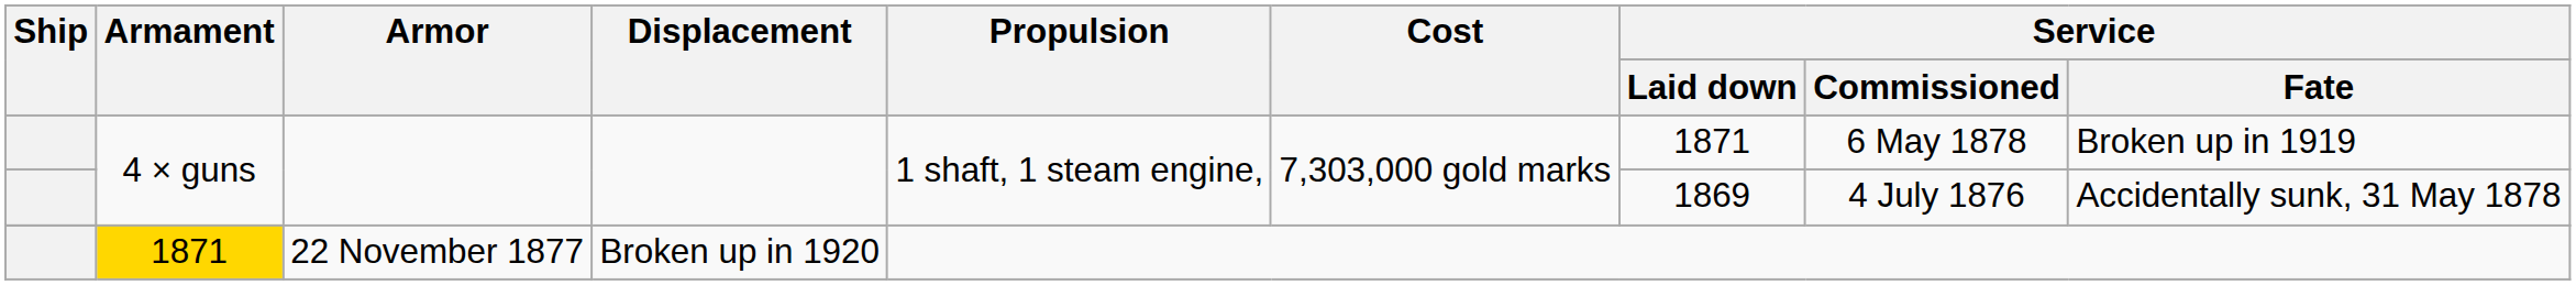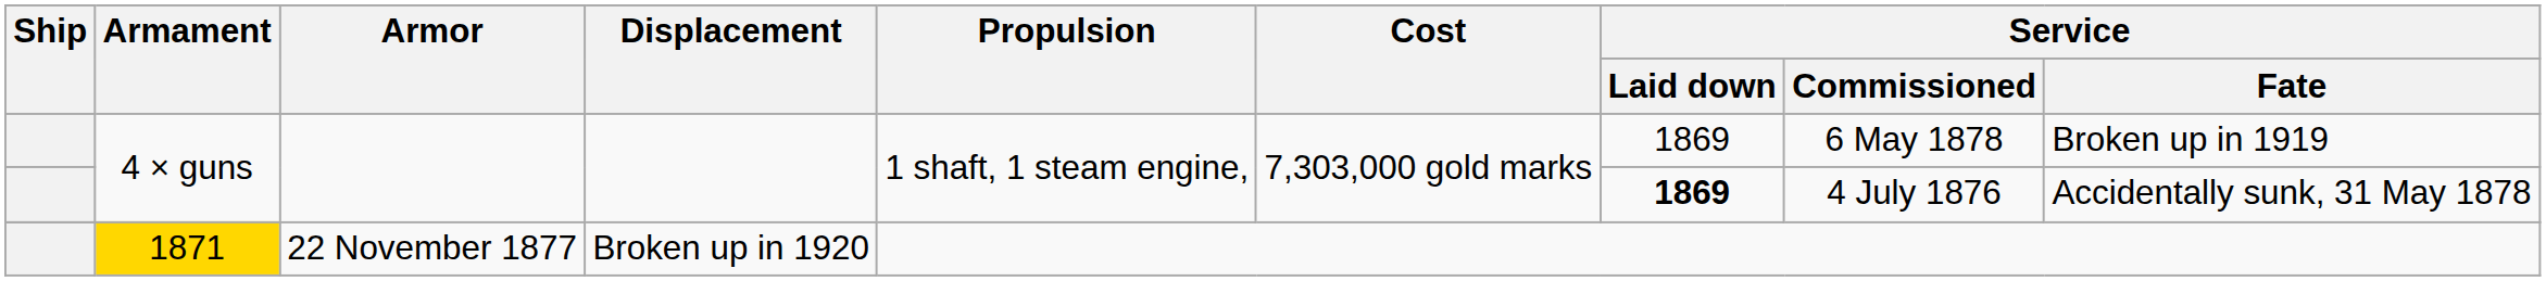 <table class="wikitable plainrowheaders" style="text-align: center">
 <tr valign="top">
 <th scope="col" rowspan="2">Ship</th>
 <th scope="col" rowspan="2">Armament</th>
 <th scope="col" rowspan="2">Armor</th>
 <th scope="col" rowspan="2">Displacement</th>
 <th scope="col" rowspan="2">Propulsion</th>
 <th scope="col" rowspan="2">Cost</th>
 <th scope="col" colspan="3">Service</th>
 </tr>
 <tr valign="top">
 <th scope="col">Laid down</th>
 <th scope="col">Commissioned</th>
 <th scope="col">Fate</th>
 </tr>
 <tr valign="center">
 <th scope="row"></th>
 <td rowspan="3">4 ×  guns</td>
 <td rowspan="3"></td>
 <td rowspan="3"></td>
 <td rowspan="3">1 shaft, 1 steam engine, </td>
 <td rowspan="3">7,303,000 gold marks</td>
-<td>1871</td>
+<td>1869</td>
 <td>6 May 1878</td>
 <td style="text-align: left;">Broken up in 1919</td>
 </tr>
 <tr valign="center">
 <th scope="row"></th>
-<td>1869</td>
+<td><strong>1869</strong></td>
 <td>4 July 1876</td>
 <td style="text-align: left;">Accidentally sunk, 31 May 1878</td>
 </tr>
 <tr valign="center">
 </tr>
 <tr>
 <th scope="row"></th>
 <td style="background: gold;">1871</td>
 <td>22 November 1877</td>
 <td style="text-align: left;">Broken up in 1920</td>
 </tr>
 </table>
